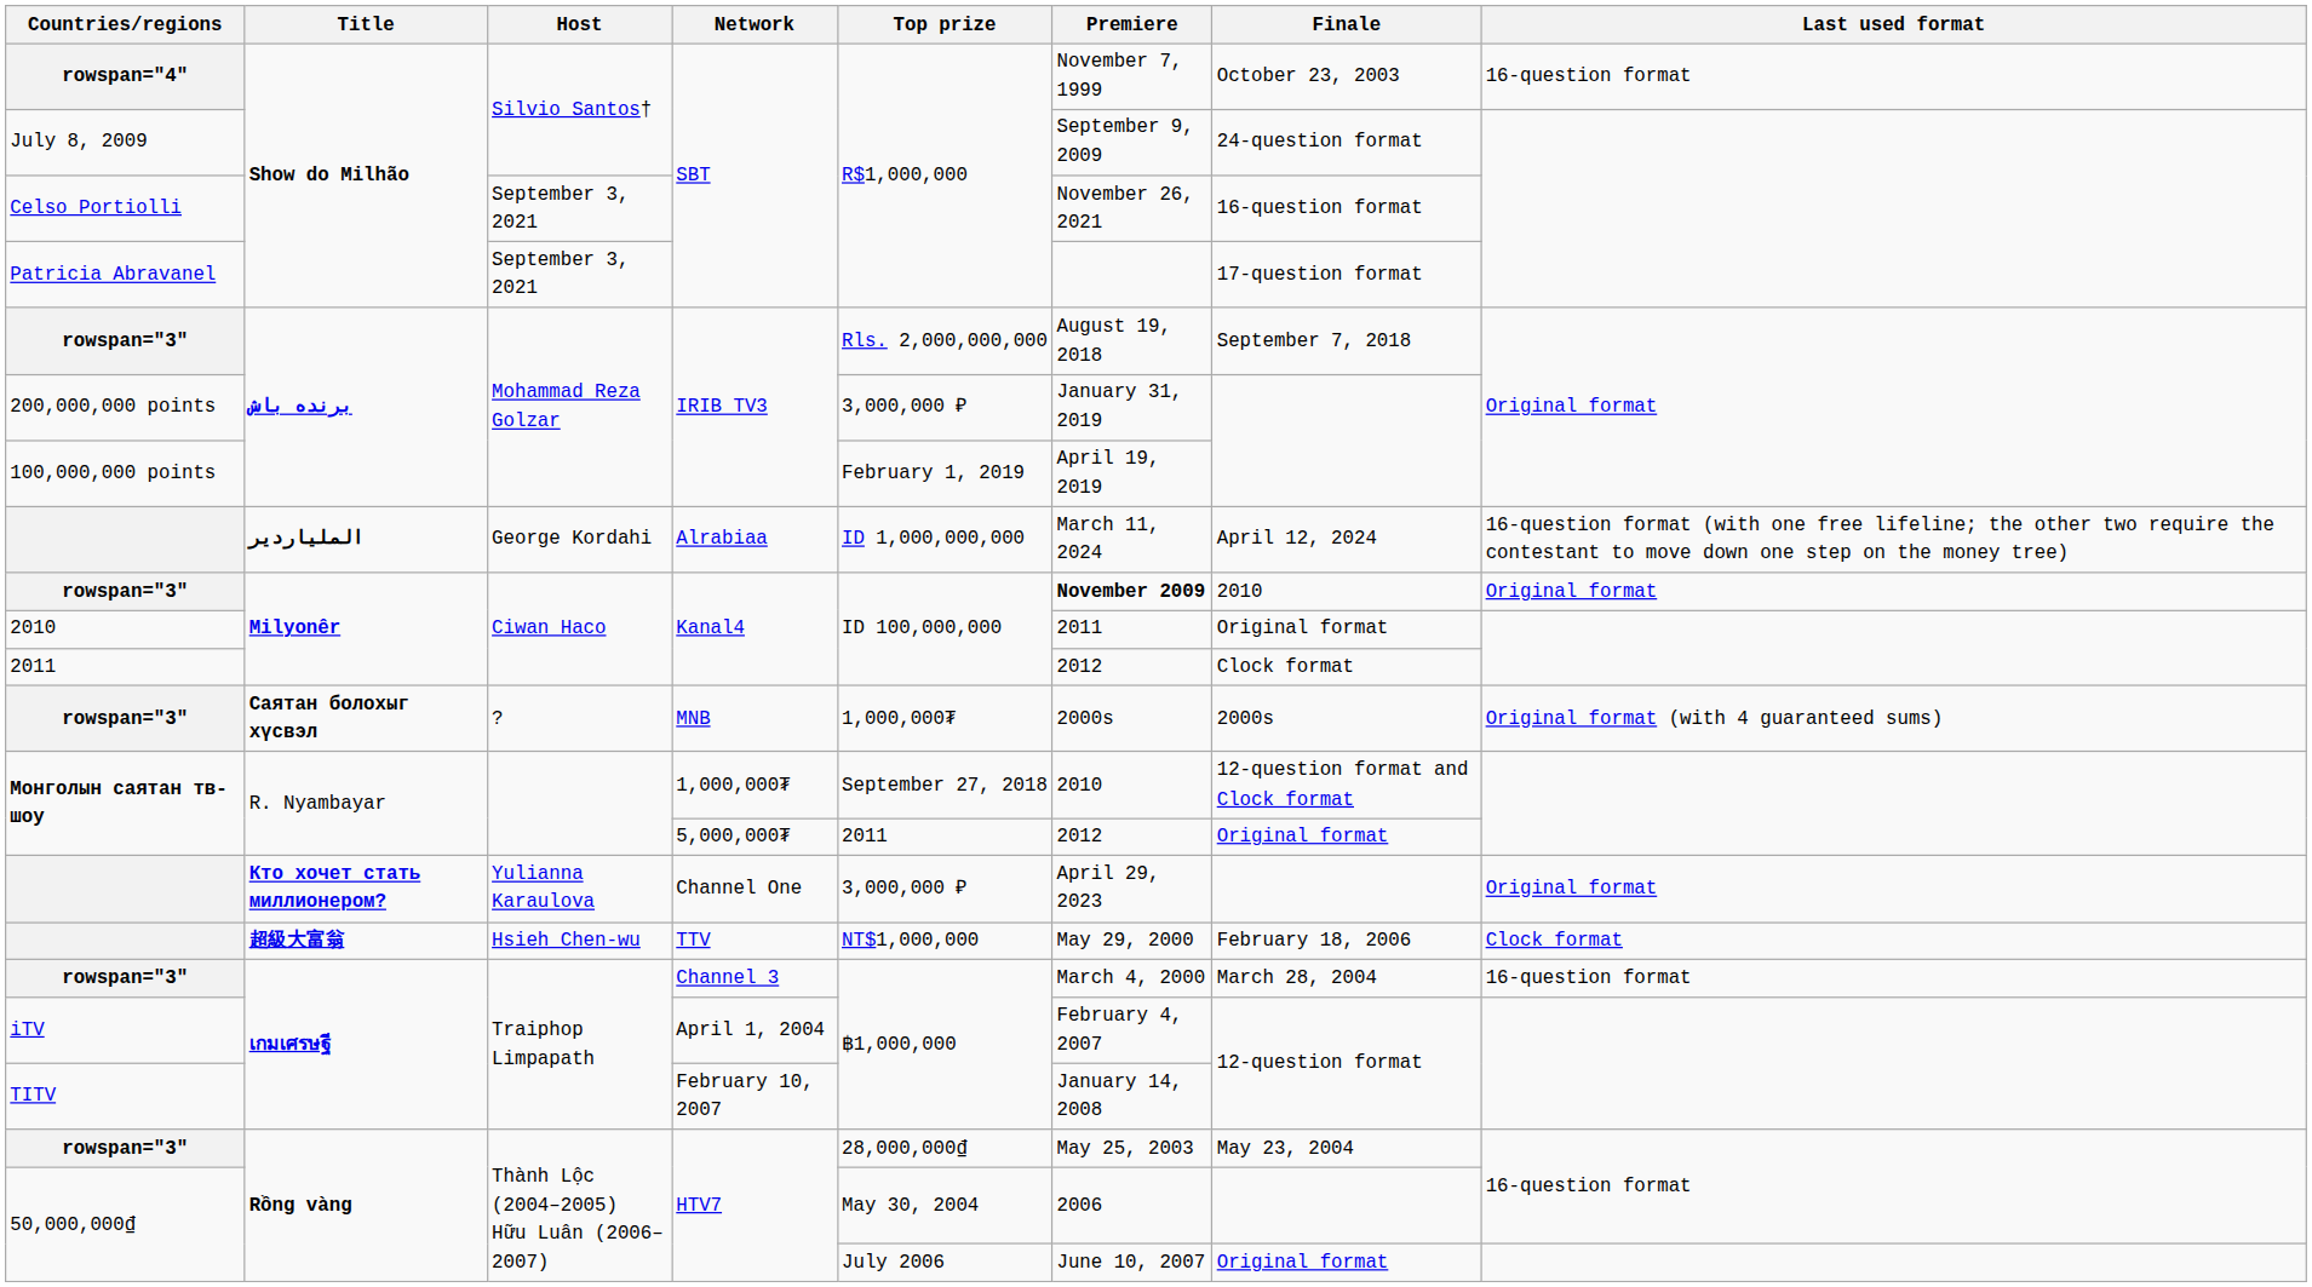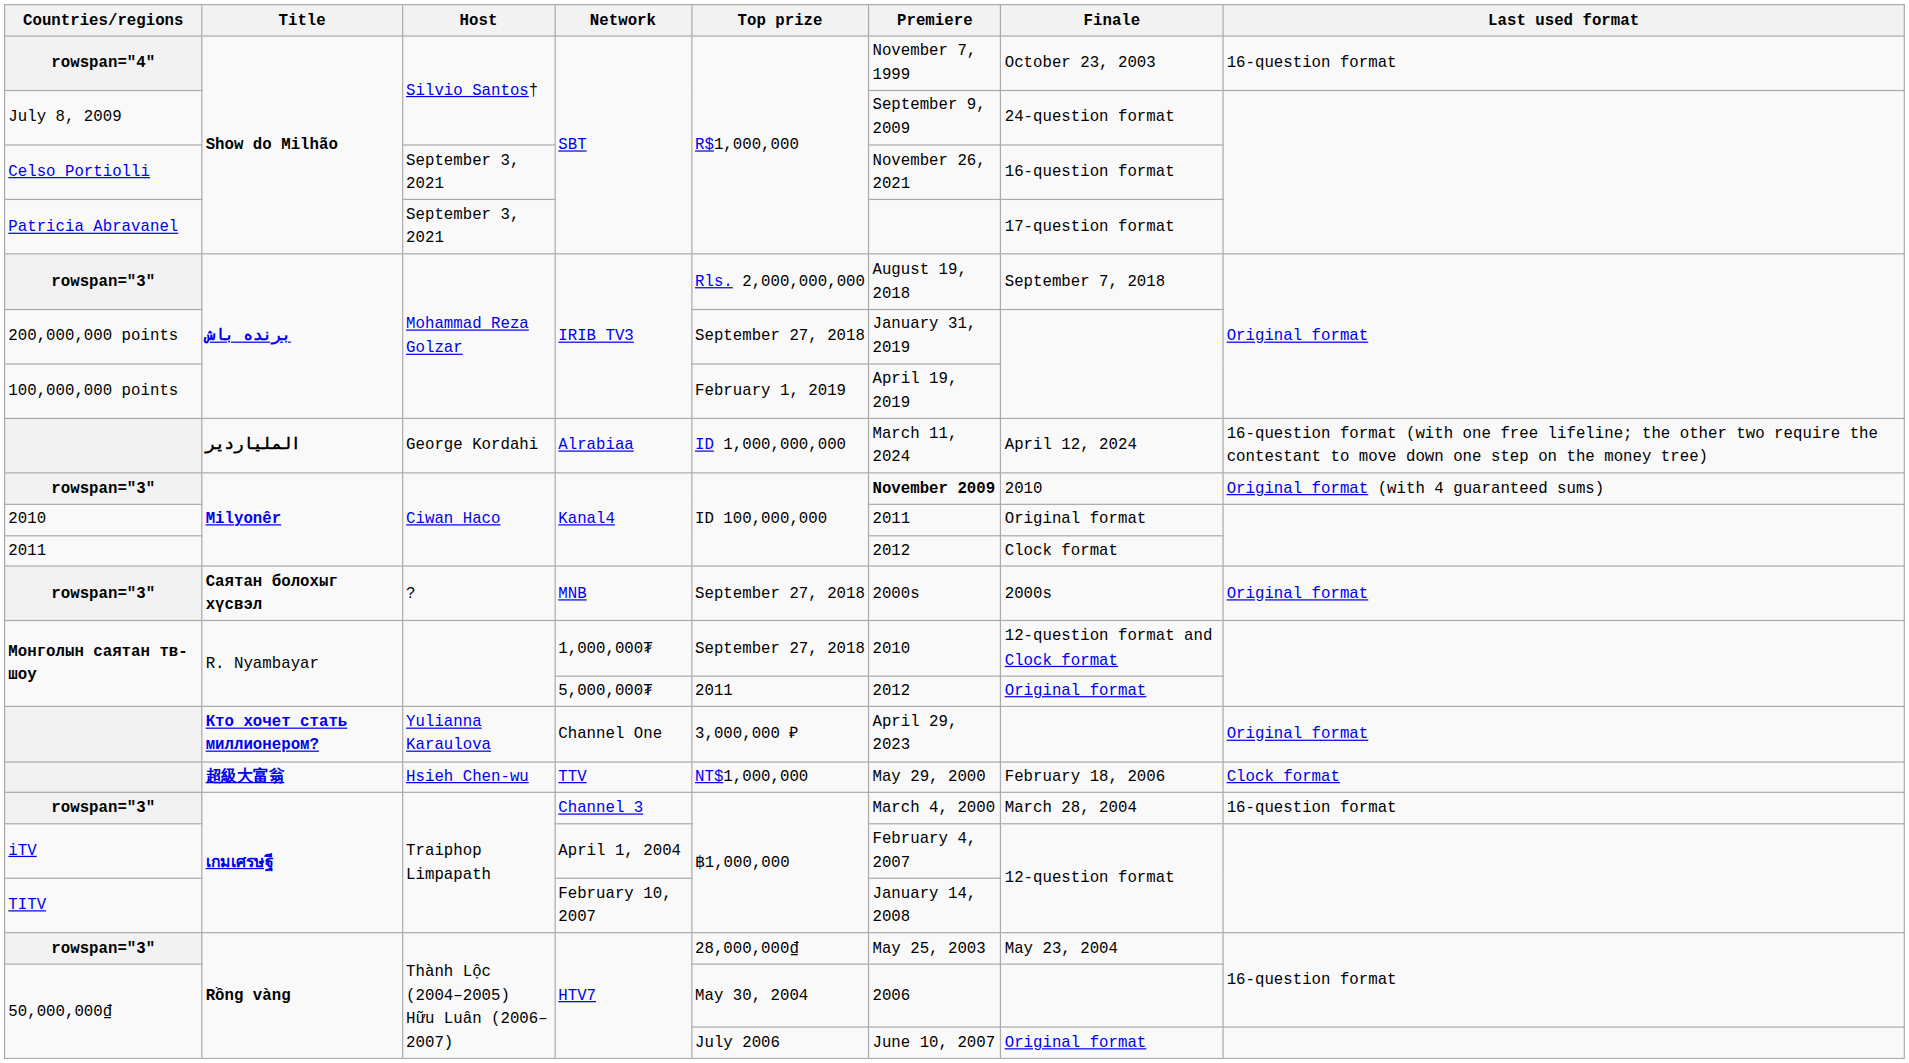 <table class="wikitable sortable sticky-header" style="line-height:1.5em;">
 <tr>
 <th>Countries/regions</th>
 <th>Title</th>
 <th>Host</th>
 <th>Network</th>
 <th>Top prize</th>
 <th data-sort-type="date">Premiere</th>
 <th data-sort-type="date">Finale</th>
 <th style="white-space:nowrap;">Last used format</th>
 </tr>
 <tr>
 <th>rowspan="4" </th>
 <td rowspan="4"><strong>Show do Milhão</strong><br></td>
 <td rowspan="2"><a href='#'>Silvio Santos</a>†</td>
 <td rowspan="4"><a href='#'>SBT</a></td>
 <td rowspan="4"><a href='#'>R$</a>1,000,000</td>
 <td>November 7, 1999</td>
 <td>October 23, 2003</td>
 <td>16-question format</td>
 </tr>
 <tr>
 <td>July 8, 2009</td>
 <td>September 9, 2009</td>
 <td>24-question format</td>
 </tr>
 <tr>
 <td><a href='#'>Celso Portiolli</a></td>
 <td>September 3, 2021</td>
 <td>November 26, 2021</td>
 <td>16-question format</td>
 </tr>
 <tr>
 <td><a href='#'>Patricia Abravanel</a></td>
 <td>September 3, 2021</td>
 <td></td>
 <td>17-question format</td>
 </tr>
 <tr>
 <th>rowspan="3" </th>
 <td rowspan="3"><strong><a href='#'>برنده باش</a></strong><br></td>
 <td rowspan="3"><a href='#'>Mohammad Reza Golzar</a></td>
 <td rowspan="3"><a href='#'>IRIB TV3</a></td>
 <td><a href='#'>Rls.</a> 2,000,000,000</td>
 <td>August 19, 2018</td>
 <td>September 7, 2018</td>
 <td rowspan="3"><a href='#'>Original format</a></td>
 </tr>
 <tr>
 <td>200,000,000 points</td>
-<td>3,000,000 ₽</td>
+<td>September 27, 2018</td>
 <td>January 31, 2019</td>
 </tr>
 <tr>
 <td>100,000,000 points</td>
 <td>February 1, 2019</td>
 <td>April 19, 2019</td>
 </tr>
 <tr>
 <th></th>
 <td><strong>الملياردير</strong><br></td>
 <td>George Kordahi</td>
 <td><a href='#'>Alrabiaa</a></td>
 <td><a href='#'>ID</a> 1,000,000,000</td>
 <td>March 11, 2024</td>
 <td>April 12, 2024</td>
 <td>16-question format (with one free lifeline; the other two require the contestant to move down one step on the money tree)</td>
 </tr>
 <tr>
 <th>rowspan="3" </th>
 <td rowspan="3"><strong><a href='#'>Milyonêr</a></strong></td>
 <td rowspan="3"><a href='#'>Ciwan Haco</a></td>
 <td rowspan="3"><a href='#'>Kanal4</a></td>
 <td rowspan="3">ID 100,000,000</td>
 <td><strong>November 2009</strong></td>
 <td>2010</td>
-<td><a href='#'>Original format</a></td>
+<td><a href='#'>Original format</a> (with 4 guaranteed sums)</td>
 </tr>
 <tr>
 <td>2010</td>
 <td>2011</td>
 <td>Original format</td>
 </tr>
 <tr>
 <td>2011</td>
 <td>2012</td>
 <td>Clock format</td>
 </tr>
 <tr>
 <th>rowspan="3" </th>
 <td><strong>Саятан болохыг хүсвэл</strong><br></td>
 <td>?</td>
 <td><a href='#'>MNB</a></td>
-<td>1,000,000₮</td>
+<td>September 27, 2018</td>
 <td>2000s</td>
 <td>2000s</td>
-<td><a href='#'>Original format</a> (with 4 guaranteed sums)</td>
+<td><a href='#'>Original format</a></td>
 </tr>
 <tr>
 <td rowspan="2"><strong>Монголын саятан тв-шоу</strong><br></td>
 <td rowspan="2">R. Nyambayar</td>
 <td rowspan="2"></td>
 <td>1,000,000₮</td>
 <td>September 27, 2018</td>
 <td>2010</td>
 <td>12-question format and <a href='#'>Clock format</a></td>
 </tr>
 <tr>
 <td>5,000,000₮</td>
 <td>2011</td>
 <td>2012</td>
 <td><a href='#'>Original format</a></td>
 </tr>
 <tr>
 <th></th>
 <td><strong><a href='#'>Кто хочет стать миллионером?</a></strong><br></td>
 <td><a href='#'>Yulianna Karaulova</a></td>
 <td>Channel One</td>
 <td>3,000,000 ₽</td>
 <td>April 29, 2023</td>
 <td></td>
 <td><a href='#'>Original format</a></td>
 </tr>
 <tr>
 <th></th>
 <td><strong><a href='#'>超級大富翁</a></strong><br></td>
 <td><a href='#'>Hsieh Chen-wu</a></td>
 <td><a href='#'>TTV</a></td>
 <td><a href='#'>NT$</a>1,000,000</td>
 <td>May 29, 2000</td>
 <td>February 18, 2006</td>
 <td><a href='#'>Clock format</a></td>
 </tr>
 <tr>
 <th>rowspan="3" </th>
 <td rowspan="3"><strong><a href='#'>เกมเศรษฐี</a></strong><br></td>
 <td rowspan="3">Traiphop Limpapath</td>
 <td><a href='#'>Channel 3</a></td>
 <td rowspan="3">฿1,000,000</td>
 <td>March 4, 2000</td>
 <td>March 28, 2004</td>
 <td>16-question format</td>
 </tr>
 <tr>
 <td><a href='#'>iTV</a></td>
 <td>April 1, 2004</td>
 <td>February 4, 2007</td>
 <td rowspan="2">12-question format</td>
 </tr>
 <tr>
 <td><a href='#'>TITV</a></td>
 <td>February 10, 2007</td>
 <td>January 14, 2008</td>
 </tr>
 <tr>
 <th>rowspan="3" </th>
 <td rowspan="3"><strong>Rồng vàng</strong></td>
 <td rowspan="3"><br>Thành Lộc (2004–2005)<br>Hữu Luân (2006–2007)</td>
 <td rowspan="3"><a href='#'>HTV7</a></td>
 <td>28,000,000₫</td>
 <td>May 25, 2003</td>
 <td>May 23, 2004</td>
 <td rowspan="2">16-question format</td>
 </tr>
 <tr>
 <td rowspan="2">50,000,000₫</td>
 <td>May 30, 2004</td>
 <td>2006</td>
 </tr>
 <tr>
 <td>July 2006</td>
 <td>June 10, 2007</td>
 <td><a href='#'>Original format</a></td>
 </tr>
 </table>
